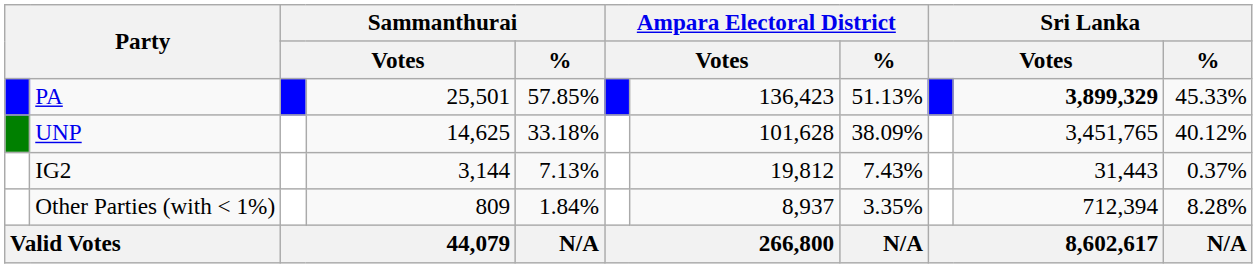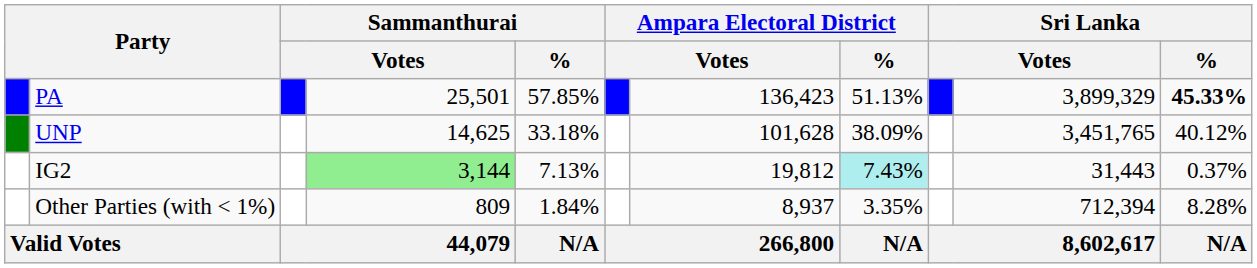 <table class="wikitable">
 <tr>
 <th colspan="2" width="144px"rowspan="2">Party</th>
 <th colspan="3" width="216px">Sammanthurai</th>
 <th colspan="3" width="216px"><a href='#'>Ampara Electoral District</a></th>
 <th colspan="3" width="216px">Sri Lanka</th>
 </tr>
 <tr>
 <th colspan="2" width="144px">Votes</th>
 <th>%</th>
 <th colspan="2" width="144px">Votes</th>
 <th>%</th>
 <th colspan="2" width="144px">Votes</th>
 <th>%</th>
 </tr>
 <tr>
 <td style="background-color:blue;" width="10px"></td>
 <td style="text-align:left;"><a href='#'>PA</a></td>
 <td style="background-color:blue;" width="10px"></td>
 <td style="text-align:right;">25,501</td>
 <td style="text-align:right;">57.85%</td>
 <td style="background-color:blue;" width="10px"></td>
 <td style="text-align:right;">136,423</td>
 <td style="text-align:right;">51.13%</td>
 <td style="background-color:blue;" width="10px"></td>
-<td style="text-align:right;"><strong>3,899,329</strong></td>
-<td style="text-align:right;">45.33%</td>
+<td style="text-align:right;">3,899,329</td>
+<td style="text-align:right;"><strong>45.33%</strong></td>
 </tr>
 <tr>
 <td style="background-color:green;" width="10px"></td>
 <td style="text-align:left;"><a href='#'>UNP</a></td>
 <td style="background-color:white;" width="10px"></td>
 <td style="text-align:right;">14,625</td>
 <td style="text-align:right;">33.18%</td>
 <td style="background-color:white;" width="10px"></td>
 <td style="text-align:right;">101,628</td>
 <td style="text-align:right;">38.09%</td>
 <td style="background-color:white;" width="10px"></td>
 <td style="text-align:right;">3,451,765</td>
 <td style="text-align:right;">40.12%</td>
 </tr>
 <tr>
 <td style="background-color:white;" width="10px"></td>
 <td style="text-align:left;">IG2</td>
 <td style="background-color:white;" width="10px"></td>
-<td style="text-align:right;">3,144</td>
+<td style="background: lightgreen; text-align:right;">3,144</td>
 <td style="text-align:right;">7.13%</td>
 <td style="background-color:white;" width="10px"></td>
 <td style="text-align:right;">19,812</td>
-<td style="text-align:right;">7.43%</td>
+<td style="background: paleturquoise; text-align:right;">7.43%</td>
 <td style="background-color:white;" width="10px"></td>
 <td style="text-align:right;">31,443</td>
 <td style="text-align:right;">0.37%</td>
 </tr>
 <tr>
 <td style="background-color:white;" width="10px"></td>
 <td style="text-align:left;">Other Parties (with < 1%)</td>
 <td style="background-color:white;" width="10px"></td>
 <td style="text-align:right;">809</td>
 <td style="text-align:right;">1.84%</td>
 <td style="background-color:white;" width="10px"></td>
 <td style="text-align:right;">8,937</td>
 <td style="text-align:right;">3.35%</td>
 <td style="background-color:white;" width="10px"></td>
 <td style="text-align:right;">712,394</td>
 <td style="text-align:right;">8.28%</td>
 </tr>
 <tr>
 <th colspan="2" width="144px"style="text-align:left;">Valid Votes</th>
 <th style="text-align:right;"colspan="2" width="144px">44,079</th>
 <th style="text-align:right;">N/A</th>
 <th style="text-align:right;"colspan="2" width="144px">266,800</th>
 <th style="text-align:right;">N/A</th>
 <th style="text-align:right;"colspan="2" width="144px">8,602,617</th>
 <th style="text-align:right;">N/A</th>
 </tr>
 </table>
